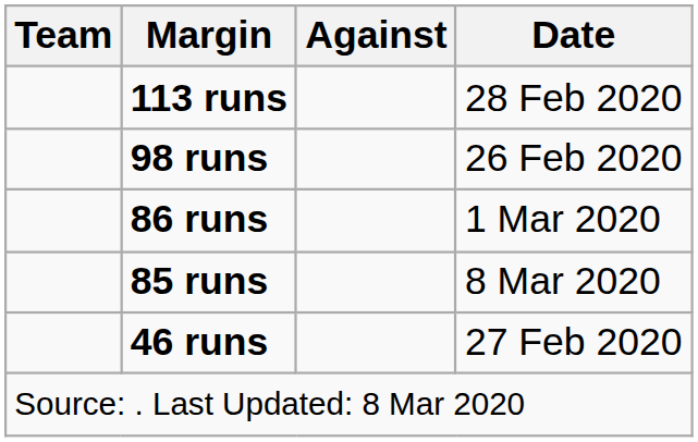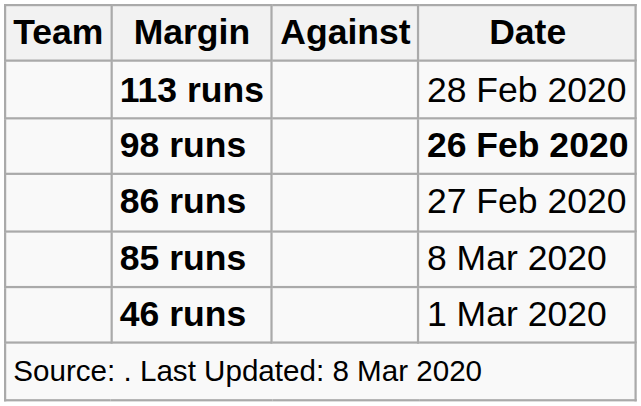 <table class="wikitable sortable" style="text-align:left">
 <tr>
 <th>Team</th>
 <th>Margin</th>
 <th>Against</th>
 <th class="unsortable">Date</th>
 </tr>
 <tr>
 <td></td>
 <td><strong>113 runs</strong></td>
 <td></td>
 <td>28 Feb 2020</td>
 </tr>
 <tr>
 <td></td>
 <td><strong>98 runs</strong></td>
 <td></td>
-<td>26 Feb 2020</td>
+<td><strong>26 Feb 2020</strong></td>
 </tr>
 <tr>
 <td></td>
 <td><strong>86 runs</strong></td>
 <td></td>
-<td>1 Mar 2020</td>
+<td>27 Feb 2020</td>
 </tr>
 <tr>
 <td></td>
 <td><strong>85 runs</strong></td>
 <td></td>
 <td>8 Mar 2020</td>
 </tr>
 <tr>
 <td></td>
 <td><strong>46 runs</strong></td>
 <td></td>
-<td>27 Feb 2020</td>
+<td>1 Mar 2020</td>
 </tr>
 <tr>
 <td colspan=5><small>Source: . Last Updated: 8 Mar 2020 </small></td>
 </tr>
 </table>
